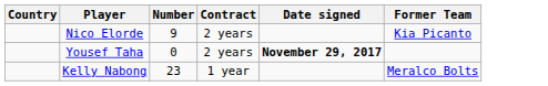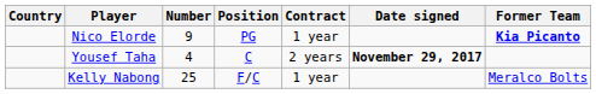 <table class="wikitable sortable sortable">
 <tr>
 <th>Country</th>
 <th>Player</th>
 <th>Number</th>
+<th>Position</th>
 <th>Contract</th>
 <th>Date signed</th>
 <th>Former Team</th>
 </tr>
 <tr>
 <td align=center></td>
 <td align=center><a href='#'>Nico Elorde</a></td>
 <td align=center>9</td>
-<td align=center>2 years</td>
+<td align=center><a href='#'>PG</a></td>
+<td align=center>1 year</td>
 <td></td>
-<td align=center><a href='#'>Kia Picanto</a></td>
+<td align=center><strong><a href='#'>Kia Picanto</a></strong></td>
 </tr>
 <tr>
 <td align=center></td>
 <td align=center><a href='#'>Yousef Taha</a></td>
-<td align=center>0</td>
+<td align=center>4</td>
+<td align=center><a href='#'>C</a></td>
 <td align=center>2 years</td>
 <td align=center><strong>November 29, 2017</strong></td>
 <td></td>
 </tr>
 <tr>
 <td align=center></td>
 <td align=center><a href='#'>Kelly Nabong</a></td>
-<td align=center>23</td>
+<td align=center>25</td>
+<td align=center><a href='#'>F</a>/<a href='#'>C</a></td>
 <td align=center>1 year</td>
 <td></td>
 <td align=center><a href='#'>Meralco Bolts</a></td>
 </tr>
 </table>
